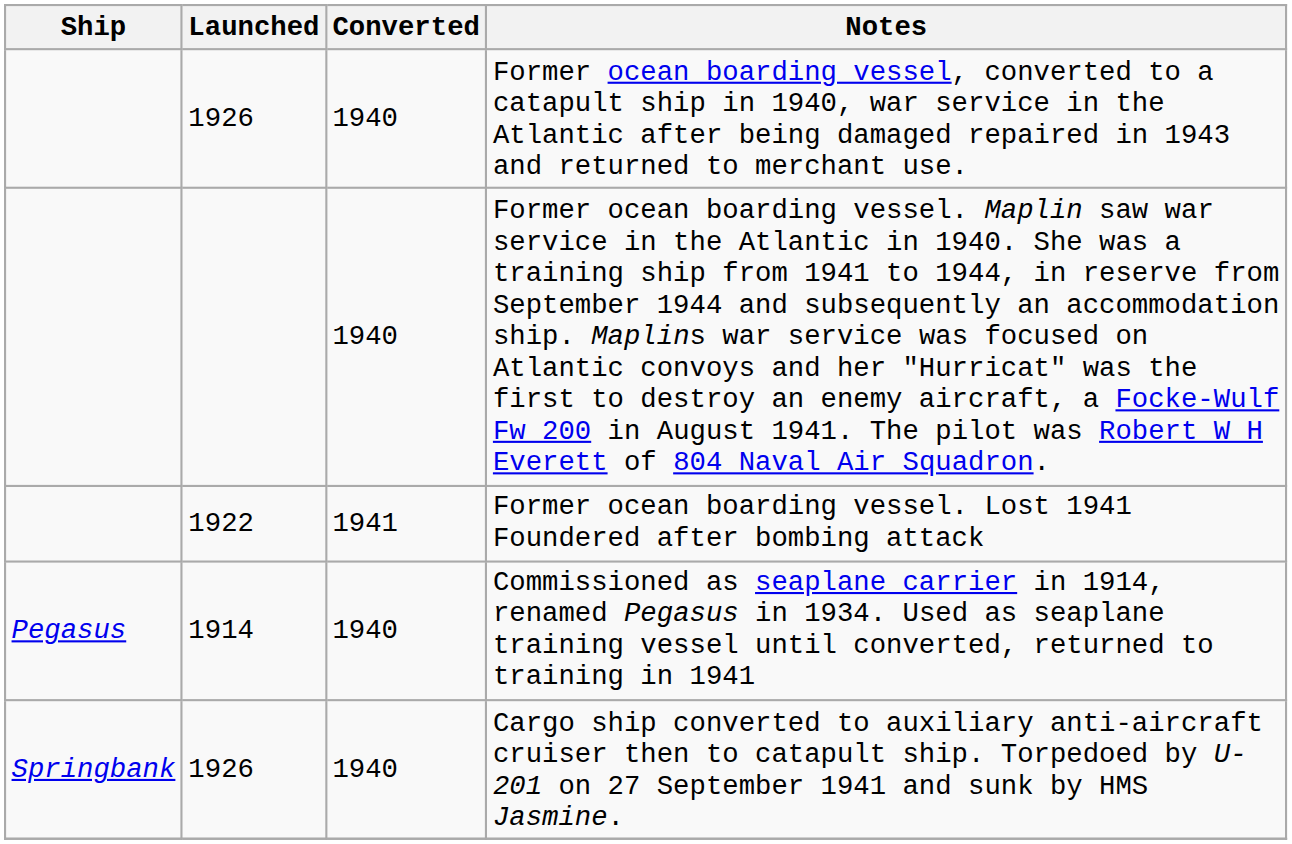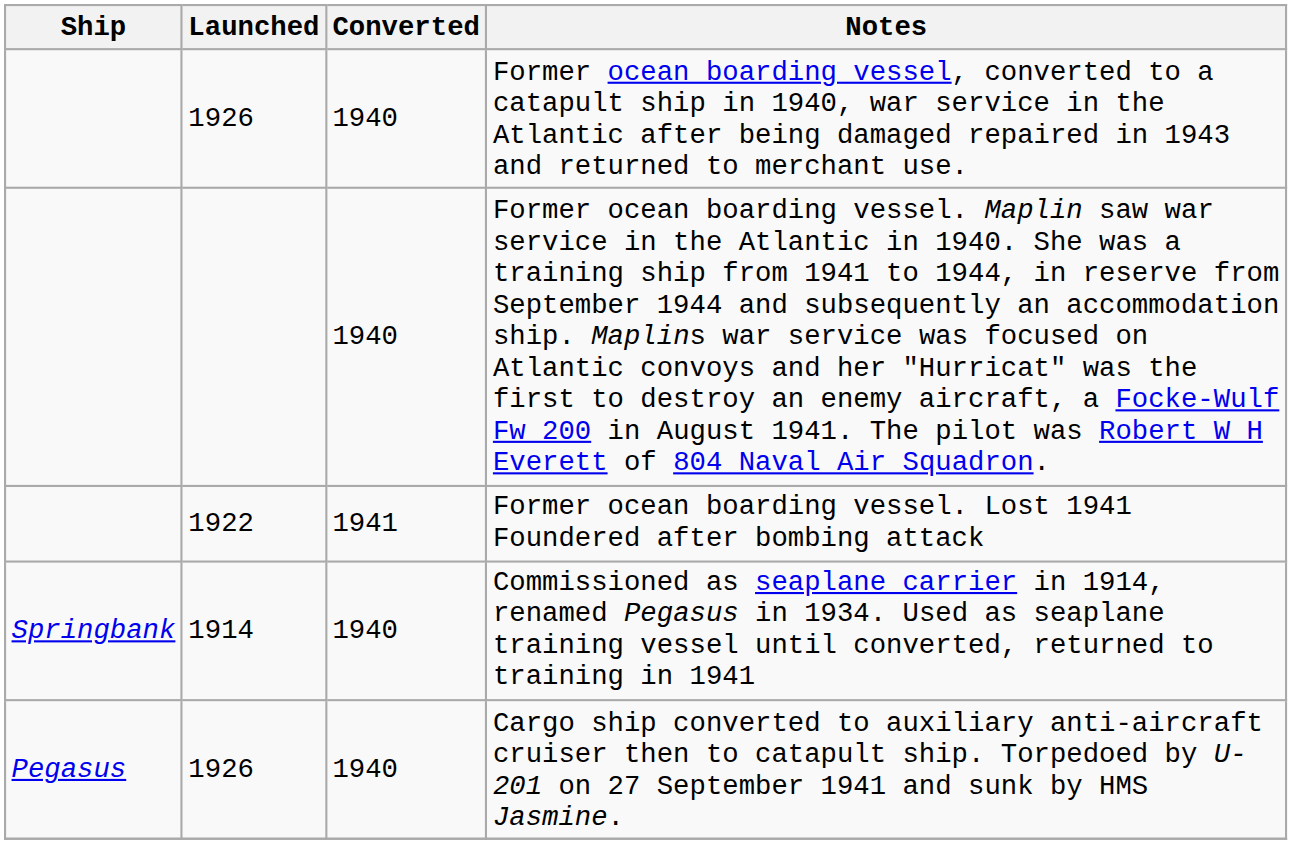 <table class="wikitable">
 <tr>
 <th>Ship</th>
 <th>Launched</th>
 <th>Converted</th>
 <th>Notes</th>
 </tr>
 <tr>
 <td></td>
 <td>1926</td>
 <td>1940</td>
 <td>Former <a href='#'>ocean boarding vessel</a>, converted to a catapult ship in 1940, war service in the Atlantic after being damaged repaired in 1943 and returned to merchant use.</td>
 </tr>
 <tr>
 <td></td>
 <td></td>
 <td>1940</td>
 <td>Former ocean boarding vessel. <em>Maplin</em> saw war service in the Atlantic in 1940. She was a training ship from 1941 to 1944, in reserve from September 1944 and subsequently an accommodation ship. <em>Maplin</em>s war service was focused on Atlantic convoys and her "Hurricat" was the first to destroy an enemy aircraft, a <a href='#'>Focke-Wulf Fw 200</a> in August 1941. The pilot was <a href='#'>Robert W H Everett</a> of <a href='#'>804 Naval Air Squadron</a>.</td>
 </tr>
 <tr>
 <td></td>
 <td>1922</td>
 <td>1941</td>
 <td>Former ocean boarding vessel. Lost 1941 Foundered after bombing attack</td>
 </tr>
 <tr>
-<td><a href='#'><em>Pegasus</em></a></td>
+<td><a href='#'><em>Springbank</em></a></td>
 <td>1914</td>
 <td>1940</td>
 <td>Commissioned as <a href='#'>seaplane carrier</a>  in 1914, renamed <em>Pegasus</em> in 1934. Used as seaplane training vessel until converted, returned to training in 1941</td>
 </tr>
 <tr>
-<td><a href='#'><em>Springbank</em></a></td>
+<td><a href='#'><em>Pegasus</em></a></td>
 <td>1926</td>
 <td>1940</td>
 <td>Cargo ship converted to auxiliary anti-aircraft cruiser then to catapult ship. Torpedoed by <em>U-201</em> on 27 September 1941 and sunk by HMS <em>Jasmine</em>.</td>
 </tr>
 <tr>
 </tr>
 </table>
